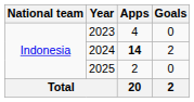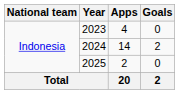 <table class="wikitable" style="text-align:center">
 <tr>
 <th>National team</th>
 <th>Year</th>
 <th>Apps</th>
 <th>Goals</th>
 </tr>
 <tr>
 <td rowspan="3"><a href='#'>Indonesia</a></td>
 <td>2023</td>
 <td>4</td>
 <td>0</td>
 </tr>
 <tr>
 <td>2024</td>
-<td><strong>14</strong></td>
+<td>14</td>
 <td>2</td>
 </tr>
 <tr>
 <td>2025</td>
 <td>2</td>
 <td>0</td>
 </tr>
 <tr>
 <th colspan="2">Total</th>
 <th>20</th>
 <th>2</th>
 </tr>
 </table>
